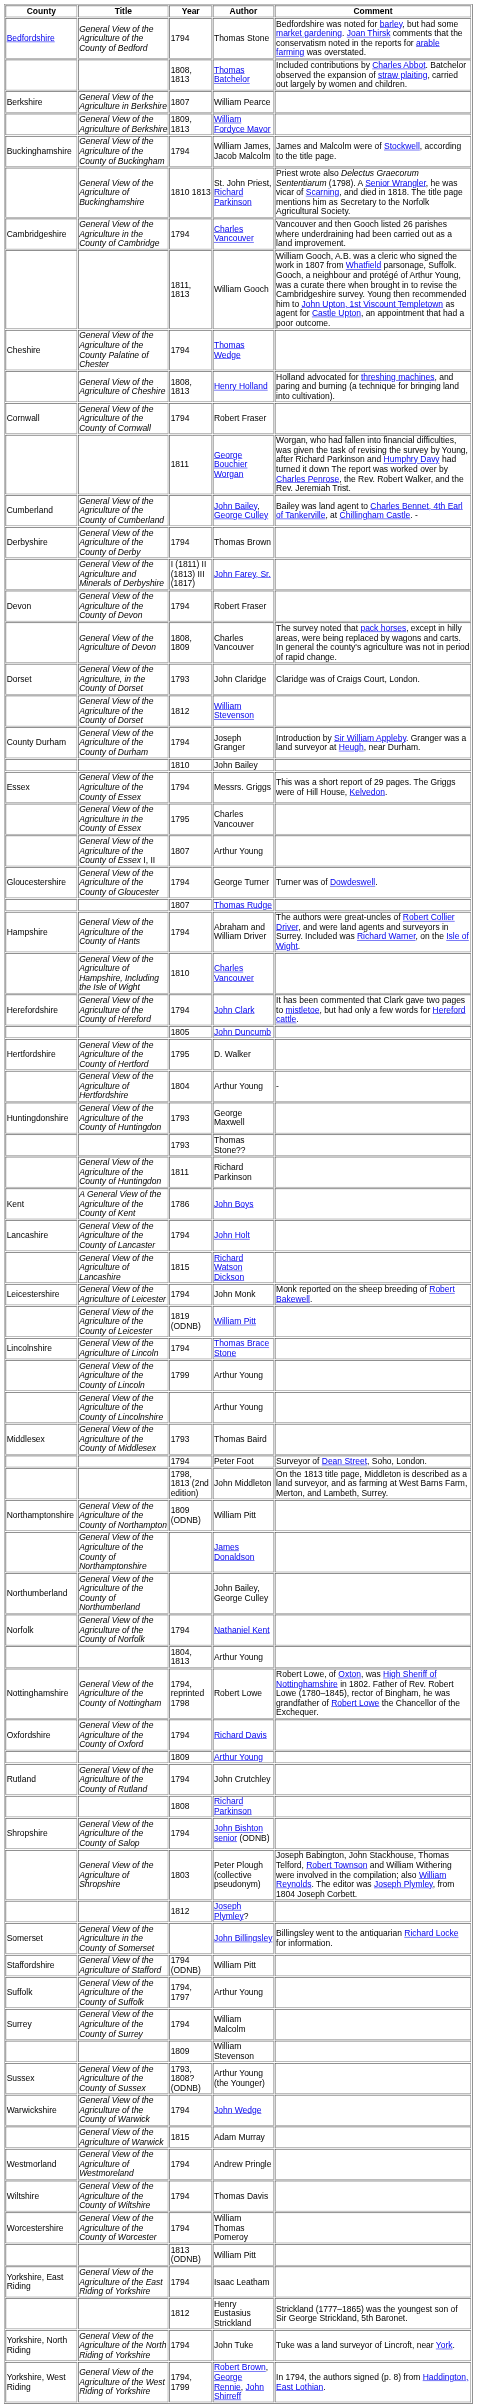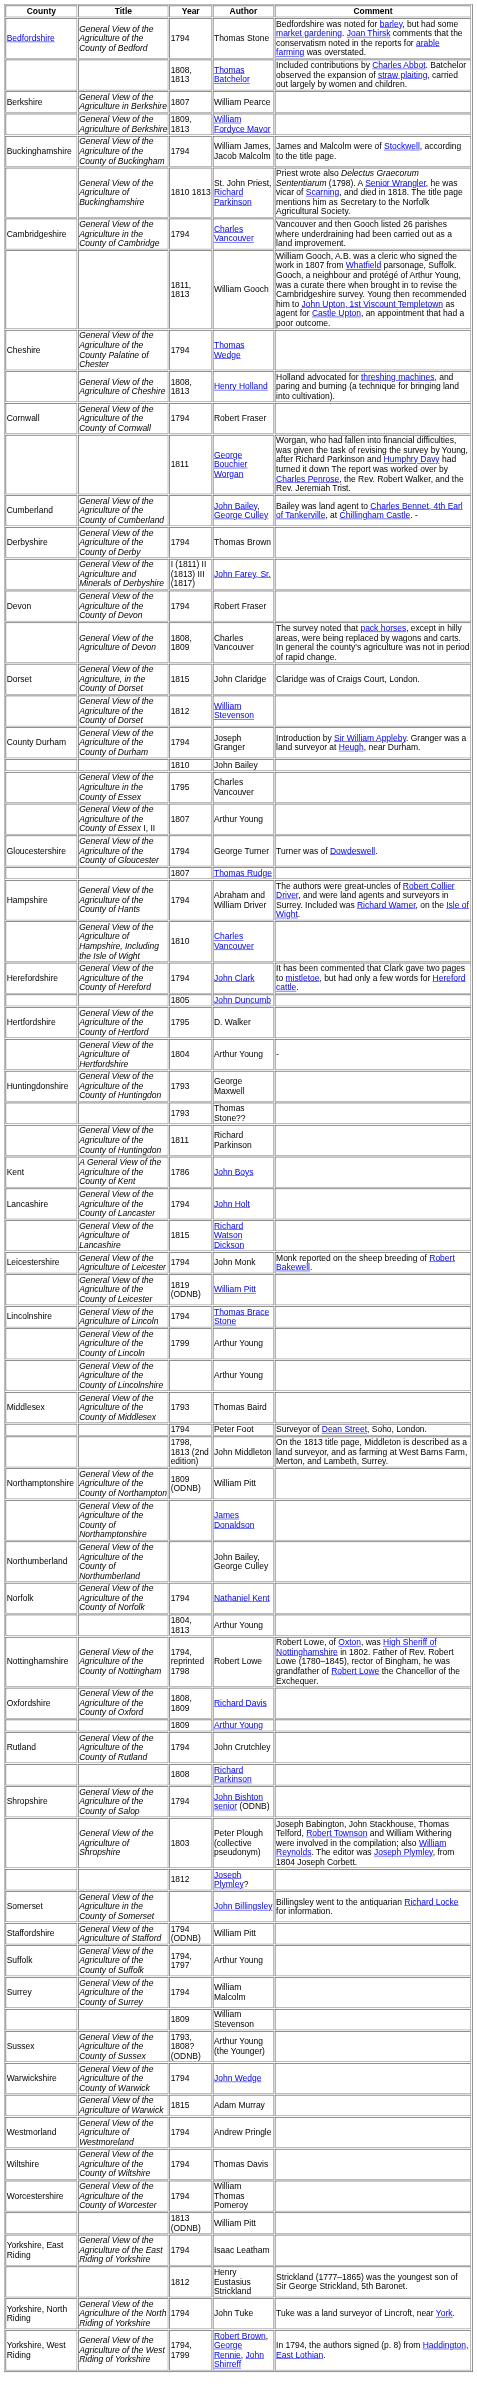 <table border=1>
 <tr>
 <th>County</th>
 <th>Title</th>
 <th>Year</th>
 <th>Author</th>
 <th>Comment</th>
 </tr>
 <tr>
 <td><a href='#'>Bedfordshire</a></td>
 <td><em>General View of the Agriculture of the County of Bedford</em></td>
 <td>1794</td>
 <td>Thomas Stone</td>
 <td>Bedfordshire was noted for <a href='#'>barley</a>, but had some <a href='#'>market gardening</a>. <a href='#'>Joan Thirsk</a> comments that the conservatism noted in the reports for <a href='#'>arable farming</a> was overstated.</td>
 </tr>
 <tr>
 <td></td>
 <td></td>
 <td>1808, 1813</td>
 <td><a href='#'>Thomas Batchelor</a></td>
 <td>Included contributions by <a href='#'>Charles Abbot</a>. Batchelor observed the expansion of <a href='#'>straw plaiting</a>, carried out largely by women and children.</td>
 </tr>
 <tr>
 <td>Berkshire</td>
 <td><em>General View of the Agriculture in Berkshire</em></td>
 <td>1807</td>
 <td>William Pearce</td>
 <td></td>
 </tr>
 <tr>
 <td></td>
 <td><em>General View of the Agriculture of Berkshire</em></td>
 <td>1809, 1813</td>
 <td><a href='#'>William Fordyce Mavor</a></td>
 <td></td>
 </tr>
 <tr>
 <td>Buckinghamshire</td>
 <td><em>General View of the Agriculture of the County of Buckingham</em></td>
 <td>1794</td>
 <td>William James, Jacob Malcolm</td>
 <td>James and Malcolm were of <a href='#'>Stockwell</a>, according to the title page.</td>
 </tr>
 <tr>
 <td></td>
 <td><em>General View of the Agriculture of Buckinghamshire</em></td>
 <td>1810 1813</td>
 <td>St. John Priest, <a href='#'>Richard Parkinson</a></td>
 <td>Priest wrote also <em>Delectus Graecorum Sententiarum</em> (1798). A <a href='#'>Senior Wrangler</a>, he was vicar of <a href='#'>Scarning</a>, and died in 1818. The title page mentions him as Secretary to the Norfolk Agricultural Society.</td>
 </tr>
 <tr>
 <td>Cambridgeshire</td>
 <td><em>General View of the Agriculture in the County of Cambridge</em></td>
 <td>1794</td>
 <td><a href='#'>Charles Vancouver</a></td>
 <td>Vancouver and then Gooch listed 26 parishes where underdraining had been carried out as a land improvement.</td>
 </tr>
 <tr>
 <td></td>
 <td></td>
 <td>1811, 1813</td>
 <td>William Gooch</td>
 <td>William Gooch, A.B. was a cleric who signed the work in 1807 from <a href='#'>Whatfield</a> parsonage, Suffolk. Gooch, a neighbour and protégé of Arthur Young, was a curate there when brought in to revise the Cambridgeshire survey. Young then recommended him to <a href='#'>John Upton, 1st Viscount Templetown</a> as agent for <a href='#'>Castle Upton</a>, an appointment that had a poor outcome.</td>
 </tr>
 <tr>
 <td>Cheshire</td>
 <td><em>General View of the Agriculture of the County Palatine of Chester</em></td>
 <td>1794</td>
 <td><a href='#'>Thomas Wedge</a></td>
 <td></td>
 </tr>
 <tr>
 <td></td>
 <td><em>General View of the Agriculture of Cheshire</em></td>
 <td>1808, 1813</td>
 <td><a href='#'>Henry Holland</a></td>
 <td>Holland advocated for <a href='#'>threshing machines</a>, and paring and burning (a technique for bringing land into cultivation).</td>
 </tr>
 <tr>
 <td>Cornwall</td>
 <td><em>General View of the Agriculture of the County of Cornwall</em></td>
 <td>1794</td>
 <td>Robert Fraser</td>
 <td></td>
 </tr>
 <tr>
 <td></td>
 <td></td>
 <td>1811</td>
 <td><a href='#'>George Bouchier Worgan</a></td>
 <td>Worgan, who had fallen into financial difficulties, was given the task of revising the survey by Young, after Richard Parkinson and <a href='#'>Humphry Davy</a> had turned it down The report was worked over by <a href='#'>Charles Penrose</a>, the Rev. Robert Walker, and the Rev. Jeremiah Trist.</td>
 </tr>
 <tr>
 <td>Cumberland</td>
 <td><em>General View of the Agriculture of the County of Cumberland</em></td>
 <td></td>
 <td><a href='#'>John Bailey</a>, <a href='#'>George Culley</a></td>
 <td>Bailey was land agent to <a href='#'>Charles Bennet, 4th Earl of Tankerville</a>, at <a href='#'>Chillingham Castle</a>.			-</td>
 </tr>
 <tr>
 <td>Derbyshire</td>
 <td><em>General View of the Agriculture of the County of Derby</em></td>
 <td>1794</td>
 <td>Thomas Brown</td>
 <td></td>
 </tr>
 <tr>
 <td></td>
 <td><em>General View of the Agriculture and Minerals of Derbyshire</em></td>
 <td>I (1811) II (1813) III (1817)</td>
 <td><a href='#'>John Farey, Sr.</a></td>
 <td></td>
 </tr>
 <tr>
 <td>Devon</td>
 <td><em>General View of the Agriculture of the County of Devon</em></td>
 <td>1794</td>
 <td>Robert Fraser</td>
 <td></td>
 </tr>
 <tr>
 <td></td>
 <td><em>General View of the Agriculture of Devon</em></td>
 <td>1808, 1809</td>
 <td>Charles Vancouver</td>
 <td>The survey noted that <a href='#'>pack horses</a>, except in hilly areas, were being replaced by wagons and carts. In general the county's agriculture was not in period of rapid change.</td>
 </tr>
 <tr>
 <td>Dorset</td>
 <td><em>General View of the Agriculture, in the County of Dorset</em></td>
-<td>1793</td>
+<td>1815</td>
 <td>John Claridge</td>
 <td>Claridge was of Craigs Court, London.</td>
 </tr>
 <tr>
 <td></td>
 <td><em>General View of the Agriculture of the County of Dorset</em></td>
 <td>1812</td>
 <td><a href='#'>William Stevenson</a></td>
 <td></td>
 </tr>
 <tr>
 <td>County Durham</td>
 <td><em>General View of the Agriculture of the County of Durham</em></td>
 <td>1794</td>
 <td>Joseph Granger</td>
 <td>Introduction by <a href='#'>Sir William Appleby</a>. Granger was a land surveyor at <a href='#'>Heugh</a>, near Durham.</td>
 </tr>
 <tr>
 <td></td>
 <td></td>
 <td>1810</td>
 <td>John Bailey</td>
 <td></td>
-</tr>
-<tr>
-<td>Essex</td>
-<td><em>General View of the Agriculture of the County of Essex</em></td>
-<td>1794</td>
-<td>Messrs. Griggs</td>
-<td>This was a short report of 29 pages. The Griggs were of Hill House, <a href='#'>Kelvedon</a>.</td>
 </tr>
 <tr>
 <td></td>
 <td><em>General View of the Agriculture in the County of Essex</em></td>
 <td>1795</td>
 <td>Charles Vancouver</td>
 <td></td>
 </tr>
 <tr>
 <td></td>
 <td><em>General View of the Agriculture of the County of Essex</em> I, II</td>
 <td>1807</td>
 <td>Arthur Young</td>
 <td></td>
 </tr>
 <tr>
 <td>Gloucestershire</td>
 <td><em>General View of the Agriculture of the County of Gloucester</em></td>
 <td>1794</td>
 <td>George Turner</td>
 <td>Turner was of <a href='#'>Dowdeswell</a>.</td>
 </tr>
 <tr>
 <td></td>
 <td></td>
 <td>1807</td>
 <td><a href='#'>Thomas Rudge</a></td>
 <td></td>
 </tr>
 <tr>
 <td>Hampshire</td>
 <td><em>General View of the Agriculture of the County of Hants</em></td>
 <td>1794</td>
 <td>Abraham and William Driver</td>
 <td>The authors were great-uncles of <a href='#'>Robert Collier Driver</a>, and were land agents and surveyors in Surrey. Included was <a href='#'>Richard Warner</a>, on the <a href='#'>Isle of Wight</a>.</td>
 </tr>
 <tr>
 <td></td>
 <td><em>General View of the Agriculture of Hampshire, Including the Isle of Wight</em></td>
 <td>1810</td>
 <td><a href='#'>Charles Vancouver</a></td>
 <td></td>
 </tr>
 <tr>
 <td>Herefordshire</td>
 <td><em>General View of the Agriculture of the County of Hereford</em></td>
 <td>1794</td>
 <td><a href='#'>John Clark</a></td>
 <td>It has been commented that Clark gave two pages to <a href='#'>mistletoe</a>, but had only a few words for <a href='#'>Hereford cattle</a>.</td>
 </tr>
 <tr>
 <td></td>
 <td></td>
 <td>1805</td>
 <td><a href='#'>John Duncumb</a></td>
 <td></td>
 </tr>
 <tr>
 <td>Hertfordshire</td>
 <td><em>General View of the Agriculture of the County of Hertford</em></td>
 <td>1795</td>
 <td>D. Walker</td>
 <td></td>
 </tr>
 <tr>
 <td></td>
 <td><em>General View of the Agriculture of Hertfordshire</em></td>
 <td>1804</td>
 <td>Arthur Young</td>
 <td>-</td>
 </tr>
 <tr>
 <td>Huntingdonshire</td>
 <td><em>General View of the Agriculture of the County of Huntingdon</em></td>
 <td>1793</td>
 <td>George Maxwell</td>
 <td></td>
 </tr>
 <tr>
 <td></td>
 <td></td>
 <td>1793</td>
 <td>Thomas Stone??</td>
 <td></td>
 </tr>
 <tr>
 <td></td>
 <td><em>General View of the Agriculture of the County of Huntingdon</em></td>
 <td>1811</td>
 <td>Richard Parkinson</td>
 <td></td>
 </tr>
 <tr>
 <td>Kent</td>
 <td><em>A General View of the Agriculture of the County of Kent</em></td>
 <td>1786</td>
 <td><a href='#'>John Boys</a></td>
 <td></td>
 </tr>
 <tr>
 <td>Lancashire</td>
 <td><em>General View of the Agriculture of the County of Lancaster</em></td>
 <td>1794</td>
 <td><a href='#'>John Holt</a></td>
 <td></td>
 </tr>
 <tr>
 <td></td>
 <td><em>General View of the Agriculture of Lancashire</em></td>
 <td>1815</td>
 <td><a href='#'>Richard Watson Dickson</a></td>
 <td></td>
 </tr>
 <tr>
 <td>Leicestershire</td>
 <td><em>General View of the Agriculture of Leicester</em></td>
 <td>1794</td>
 <td>John Monk</td>
 <td>Monk reported on the sheep breeding of <a href='#'>Robert Bakewell</a>.</td>
 </tr>
 <tr>
 <td></td>
 <td><em>General View of the Agriculture of the County of Leicester</em></td>
 <td>1819 (ODNB)</td>
 <td><a href='#'>William Pitt</a></td>
 <td></td>
 </tr>
 <tr>
 <td>Lincolnshire</td>
 <td><em>General View of the Agriculture of Lincoln</em></td>
 <td>1794</td>
 <td><a href='#'>Thomas Brace Stone</a></td>
 <td></td>
 </tr>
 <tr>
 <td></td>
 <td><em>General View of the Agriculture of the County of Lincoln</em></td>
 <td>1799</td>
 <td>Arthur Young</td>
 <td></td>
 </tr>
 <tr>
 <td></td>
 <td><em>General View of the Agriculture of the County of Lincolnshire</em></td>
 <td></td>
 <td>Arthur Young</td>
 <td></td>
 </tr>
 <tr>
 <td>Middlesex</td>
 <td><em>General View of the Agriculture of the County of Middlesex</em></td>
 <td>1793</td>
 <td>Thomas Baird</td>
 <td></td>
 </tr>
 <tr>
 <td></td>
 <td></td>
 <td>1794</td>
 <td>Peter Foot</td>
 <td>Surveyor of <a href='#'>Dean Street</a>, Soho, London.</td>
 </tr>
 <tr>
 <td></td>
 <td></td>
 <td>1798, 1813 (2nd edition)</td>
 <td>John Middleton</td>
 <td>On the 1813 title page, Middleton is described as a land surveyor, and as farming at West Barns Farm, Merton, and Lambeth, Surrey.</td>
 </tr>
 <tr>
 <td>Northamptonshire</td>
 <td><em>General View of the Agriculture of the County of Northampton</em></td>
 <td>1809 (ODNB)</td>
 <td>William Pitt</td>
 <td></td>
 </tr>
 <tr>
 <td></td>
 <td><em>General View of the Agriculture of the County of Northamptonshire</em></td>
 <td></td>
 <td><a href='#'>James Donaldson</a></td>
 <td></td>
 </tr>
 <tr>
 <td>Northumberland</td>
 <td><em>General View of the Agriculture of the County of Northumberland</em></td>
 <td></td>
 <td>John Bailey, George Culley</td>
 <td></td>
 </tr>
 <tr>
 <td>Norfolk</td>
 <td><em>General View of the Agriculture of the County of Norfolk</em></td>
 <td>1794</td>
 <td><a href='#'>Nathaniel Kent</a></td>
 <td></td>
 </tr>
 <tr>
 <td></td>
 <td></td>
 <td>1804, 1813</td>
 <td>Arthur Young</td>
 <td></td>
 </tr>
 <tr>
 <td>Nottinghamshire</td>
 <td><em>General View of the Agriculture of the County of Nottingham</em></td>
 <td>1794, reprinted 1798</td>
 <td>Robert Lowe</td>
 <td>Robert Lowe, of <a href='#'>Oxton</a>, was <a href='#'>High Sheriff of Nottinghamshire</a> in 1802. Father of Rev. Robert Lowe  (1780–1845), rector of Bingham, he was grandfather of <a href='#'>Robert Lowe</a> the Chancellor of the Exchequer.</td>
 </tr>
 <tr>
 <td>Oxfordshire</td>
 <td><em>General View of the Agriculture of the County of Oxford</em></td>
-<td>1794</td>
+<td>1808, 1809</td>
 <td><a href='#'>Richard Davis</a></td>
 <td></td>
 </tr>
 <tr>
 <td></td>
 <td></td>
 <td>1809</td>
 <td><a href='#'>Arthur Young</a></td>
 <td></td>
 </tr>
 <tr>
 <td>Rutland</td>
 <td><em>General View of the Agriculture of the County of Rutland</em></td>
 <td>1794</td>
 <td>John Crutchley</td>
 <td></td>
 </tr>
 <tr>
 <td></td>
 <td></td>
 <td>1808</td>
 <td><a href='#'>Richard Parkinson</a></td>
 <td></td>
 </tr>
 <tr>
 <td>Shropshire</td>
 <td><em>General View of the Agriculture of the County of Salop</em></td>
 <td>1794</td>
 <td><a href='#'>John Bishton senior</a> (ODNB)</td>
 <td></td>
 </tr>
 <tr>
 <td></td>
 <td><em>General View of the Agriculture of Shropshire</em></td>
 <td>1803</td>
 <td>Peter Plough (collective pseudonym)</td>
 <td>Joseph Babington, John Stackhouse, Thomas Telford, <a href='#'>Robert Townson</a> and William Withering were involved in the compilation; also <a href='#'>William Reynolds</a>. The editor was <a href='#'>Joseph Plymley</a>, from 1804 Joseph Corbett.</td>
 </tr>
 <tr>
 <td></td>
 <td></td>
 <td>1812</td>
 <td><a href='#'>Joseph Plymley</a>?</td>
 <td></td>
 </tr>
 <tr>
 <td>Somerset</td>
 <td><em>General View of the Agriculture in the County of Somerset</em></td>
 <td></td>
 <td><a href='#'>John Billingsley</a></td>
 <td>Billingsley went to the antiquarian <a href='#'>Richard Locke</a> for information.</td>
 </tr>
 <tr>
 <td>Staffordshire</td>
 <td><em>General View of the Agriculture of Stafford</em></td>
 <td>1794 (ODNB)</td>
 <td>William Pitt</td>
 <td></td>
 </tr>
 <tr>
 <td>Suffolk</td>
 <td><em>General View of the Agriculture of the County of Suffolk</em></td>
 <td>1794, 1797</td>
 <td>Arthur Young</td>
 <td></td>
 </tr>
 <tr>
 <td>Surrey</td>
 <td><em>General View of the Agriculture of the County of Surrey</em></td>
 <td>1794</td>
 <td>William Malcolm</td>
 <td></td>
 </tr>
 <tr>
 <td></td>
 <td></td>
 <td>1809</td>
 <td>William Stevenson</td>
 <td></td>
 </tr>
 <tr>
 <td>Sussex</td>
 <td><em>General View of the Agriculture of the County of Sussex</em></td>
 <td>1793, 1808? (ODNB)</td>
 <td>Arthur Young (the Younger)</td>
 <td></td>
 </tr>
 <tr>
 <td>Warwickshire</td>
 <td><em>General View of the Agriculture of the County of Warwick</em></td>
 <td>1794</td>
 <td><a href='#'>John Wedge</a></td>
 <td></td>
 </tr>
 <tr>
 <td></td>
 <td><em>General View of the Agriculture of Warwick</em></td>
 <td>1815</td>
 <td>Adam Murray</td>
 <td></td>
 </tr>
 <tr>
 <td>Westmorland</td>
 <td><em>General View of the Agriculture of Westmoreland</em></td>
 <td>1794</td>
 <td>Andrew Pringle</td>
 <td></td>
 </tr>
 <tr>
 <td>Wiltshire</td>
 <td><em>General View of the Agriculture of the County of Wiltshire</em></td>
 <td>1794</td>
 <td>Thomas Davis</td>
 <td></td>
 </tr>
 <tr>
 <td>Worcestershire</td>
 <td><em>General View of the Agriculture of the County of Worcester</em></td>
 <td>1794</td>
 <td>William Thomas Pomeroy</td>
 <td></td>
 </tr>
 <tr>
 <td></td>
 <td></td>
 <td>1813 (ODNB)</td>
 <td>William Pitt</td>
 <td></td>
 </tr>
 <tr>
 <td>Yorkshire, East Riding</td>
 <td><em>General View of the Agriculture of the East Riding of Yorkshire</em></td>
 <td>1794</td>
 <td>Isaac Leatham</td>
 <td></td>
 </tr>
 <tr>
 <td></td>
 <td></td>
 <td>1812</td>
 <td>Henry Eustasius Strickland</td>
 <td>Strickland (1777–1865) was the youngest son of Sir George Strickland, 5th Baronet.</td>
 </tr>
 <tr>
 <td>Yorkshire, North Riding</td>
 <td><em>General View of the Agriculture of the North Riding of Yorkshire</em></td>
 <td>1794</td>
 <td>John Tuke</td>
 <td>Tuke was a land surveyor of Lincroft, near <a href='#'>York</a>.</td>
 </tr>
 <tr>
 <td>Yorkshire, West Riding</td>
 <td><em>General View of the Agriculture of the West Riding of Yorkshire</em></td>
 <td>1794, 1799</td>
 <td><a href='#'>Robert Brown</a>, <a href='#'>George Rennie</a>, <a href='#'>John Shirreff</a></td>
 <td>In 1794, the authors signed (p. 8) from <a href='#'>Haddington, East Lothian</a>.</td>
 </tr>
 </table>
